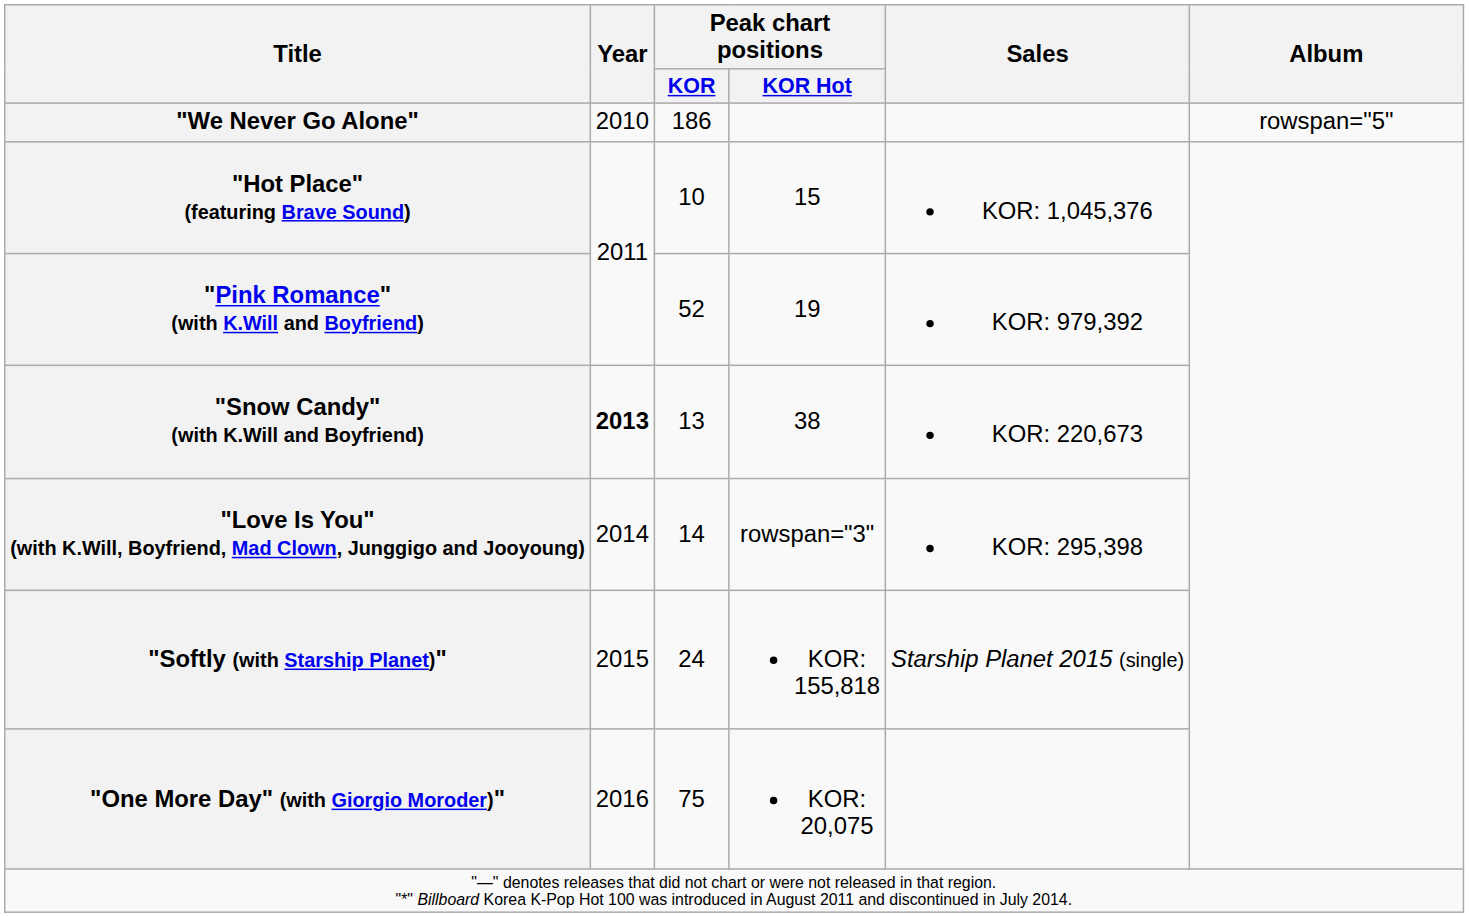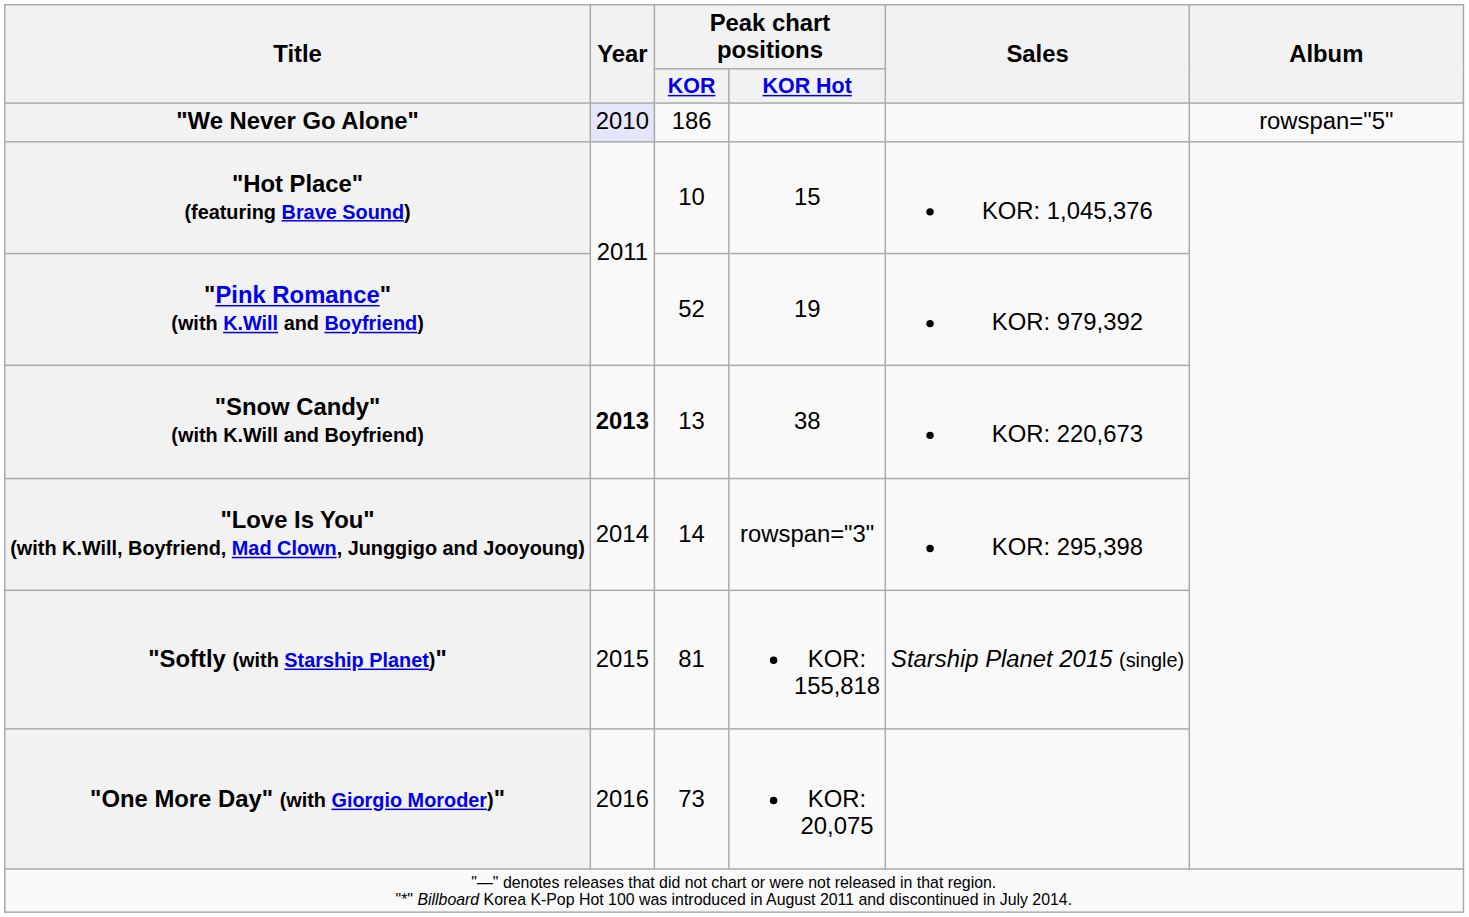 <table class="wikitable plainrowheaders" style="text-align:center">
 <tr>
 <th scope="col" rowspan="2">Title</th>
 <th scope="col" rowspan="2">Year</th>
 <th scope="col" colspan="2">Peak chart positions</th>
 <th scope="col" rowspan="2">Sales<br></th>
 <th scope="col" rowspan="2" style="width:11em;">Album</th>
 </tr>
 <tr>
 <th scope="col" style="width:3em;font-size:90%;"><a href='#'>KOR</a><br></th>
 <th scope="col" style="width:3em;font-size:90%;"><a href='#'>KOR Hot</a><br></th>
 </tr>
 <tr>
 <th scope="row">"We Never Go Alone"</th>
-<td>2010</td>
+<td style="background: lavender;">2010</td>
 <td>186</td>
 <td></td>
 <td></td>
 <td>rowspan="5"</td>
 </tr>
 <tr>
 <th scope="row">"Hot Place"<br><small>(featuring <a href='#'>Brave Sound</a>)</small></th>
 <td rowspan="2">2011</td>
 <td>10</td>
 <td>15</td>
 <td><br><ul><li>KOR: 1,045,376</li></ul></td>
 </tr>
 <tr>
 <th scope="row">"<a href='#'>Pink Romance</a>" <br><small>(with <a href='#'>K.Will</a> and <a href='#'>Boyfriend</a>)</small></th>
 <td>52</td>
 <td>19</td>
 <td><br><ul><li>KOR: 979,392</li></ul></td>
 </tr>
 <tr>
 <th scope="row">"Snow Candy" <br><small>(with K.Will and Boyfriend)</small></th>
 <td><strong>2013</strong></td>
 <td>13</td>
 <td>38</td>
 <td><br><ul><li>KOR: 220,673</li></ul></td>
 </tr>
 <tr>
 <th scope="row">"Love Is You"<br><small>(with K.Will, Boyfriend, <a href='#'>Mad Clown</a>, Junggigo and Jooyoung)</small></th>
 <td>2014</td>
 <td>14</td>
 <td>rowspan="3" </td>
 <td><br><ul><li>KOR: 295,398</li></ul></td>
 </tr>
 <tr>
 <th scope="row">"Softly <small>(with <a href='#'>Starship Planet</a>)</small>"</th>
 <td>2015</td>
-<td>24</td>
+<td>81</td>
 <td><br><ul><li>KOR: 155,818</li></ul></td>
 <td><em>Starship Planet 2015</em> <small>(single)</small></td>
 </tr>
 <tr>
 <th scope="row">"One More Day" <small>(with <a href='#'>Giorgio Moroder</a>)</small>"</th>
 <td>2016</td>
-<td>75</td>
+<td>73</td>
 <td><br><ul><li>KOR: 20,075</li></ul></td>
 <td></td>
 </tr>
 <tr>
 <td colspan="6" style="font-size:8pt;">"—" denotes releases that did not chart or were not released in that region.<br> "*" <em>Billboard</em> Korea K-Pop Hot 100 was introduced in August 2011 and discontinued in July 2014.<br></td>
 </tr>
 </table>
